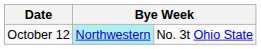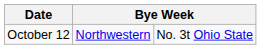 <table class="wikitable" style="font-size:95%;">
 <tr>
 <th>Date</th>
 <th colspan="2">Bye Week</th>
 </tr>
 <tr>
 <td>October 12</td>
-<td style="background: paleturquoise;"><a href='#'>Northwestern</a></td>
+<td><a href='#'>Northwestern</a></td>
 <td>No. 3t <a href='#'>Ohio State</a></td>
 </tr>
 </table>
